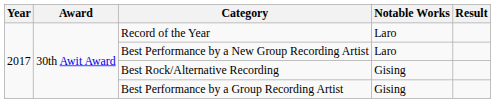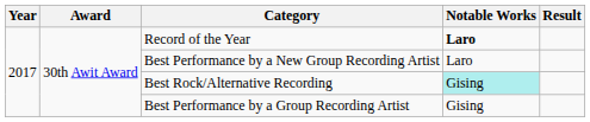 <table class="wikitable">
 <tr>
 <th>Year</th>
 <th>Award</th>
 <th>Category</th>
 <th>Notable Works</th>
 <th>Result</th>
 </tr>
 <tr>
 <td rowspan="4">2017</td>
 <td rowspan="4">30th <a href='#'>Awit Award</a></td>
 <td>Record of the Year</td>
-<td>Laro</td>
+<td><strong>Laro</strong></td>
 <td></td>
 </tr>
 <tr>
 <td>Best Performance by a New Group Recording Artist</td>
 <td>Laro</td>
 <td></td>
 </tr>
 <tr>
 <td>Best Rock/Alternative Recording</td>
-<td>Gising</td>
+<td style="background: paleturquoise;">Gising</td>
 <td></td>
 </tr>
 <tr>
 <td>Best Performance by a Group Recording Artist</td>
 <td>Gising</td>
 <td></td>
 </tr>
 </table>
